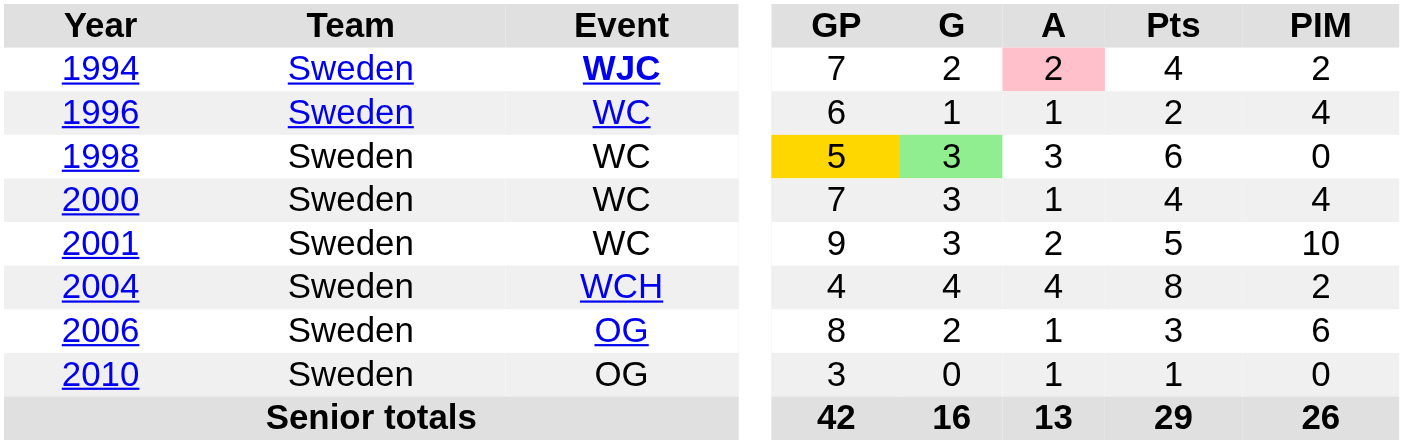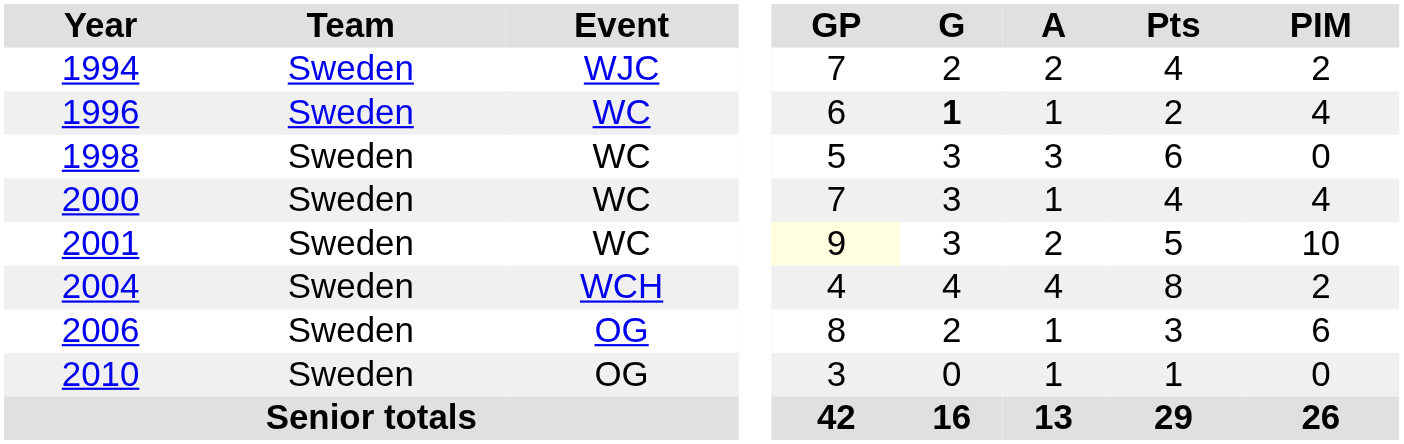 <table border="0" cellpadding="1" cellspacing="0" style="text-align:center; width:40em">
 <tr ALIGN="center" bgcolor="#e0e0e0">
 <th>Year</th>
 <th>Team</th>
 <th>Event</th>
 <th rowspan="99" bgcolor="#ffffff"> </th>
 <th>GP</th>
 <th>G</th>
 <th>A</th>
 <th>Pts</th>
 <th>PIM</th>
 </tr>
 <tr>
 <td><a href='#'>1994</a></td>
 <td><a href='#'>Sweden</a></td>
-<td><strong><a href='#'>WJC</a></strong></td>
+<td><a href='#'>WJC</a></td>
 <td>7</td>
 <td>2</td>
-<td style="background: pink;">2</td>
+<td>2</td>
 <td>4</td>
 <td>2</td>
 </tr>
 <tr bgcolor="#f0f0f0">
 <td><a href='#'>1996</a></td>
 <td><a href='#'>Sweden</a></td>
 <td><a href='#'>WC</a></td>
 <td>6</td>
-<td>1</td>
+<td><strong>1</strong></td>
 <td>1</td>
 <td>2</td>
 <td>4</td>
 </tr>
 <tr>
 <td><a href='#'>1998</a></td>
 <td>Sweden</td>
 <td>WC</td>
-<td style="background: gold;">5</td>
-<td style="background: lightgreen;">3</td>
+<td>5</td>
+<td>3</td>
 <td>3</td>
 <td>6</td>
 <td>0</td>
 </tr>
 <tr bgcolor="#f0f0f0">
 <td><a href='#'>2000</a></td>
 <td>Sweden</td>
 <td>WC</td>
 <td>7</td>
 <td>3</td>
 <td>1</td>
 <td>4</td>
 <td>4</td>
 </tr>
 <tr>
 <td><a href='#'>2001</a></td>
 <td>Sweden</td>
 <td>WC</td>
-<td>9</td>
+<td style="background: lightyellow;">9</td>
 <td>3</td>
 <td>2</td>
 <td>5</td>
 <td>10</td>
 </tr>
 <tr bgcolor="#f0f0f0">
 <td><a href='#'>2004</a></td>
 <td>Sweden</td>
 <td><a href='#'>WCH</a></td>
 <td>4</td>
 <td>4</td>
 <td>4</td>
 <td>8</td>
 <td>2</td>
 </tr>
 <tr>
 <td><a href='#'>2006</a></td>
 <td>Sweden</td>
 <td><a href='#'>OG</a></td>
 <td>8</td>
 <td>2</td>
 <td>1</td>
 <td>3</td>
 <td>6</td>
 </tr>
 <tr bgcolor="#f0f0f0">
 <td><a href='#'>2010</a></td>
 <td>Sweden</td>
 <td>OG</td>
 <td>3</td>
 <td>0</td>
 <td>1</td>
 <td>1</td>
 <td>0</td>
 </tr>
 <tr bgcolor="#e0e0e0">
 <th colspan="3">Senior totals</th>
 <th>42</th>
 <th>16</th>
 <th>13</th>
 <th>29</th>
 <th>26</th>
 </tr>
 </table>
